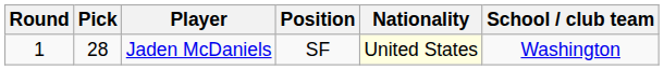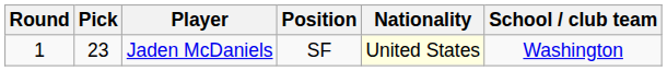 <table class="wikitable sortable sortable">
 <tr>
 <th>Round</th>
 <th>Pick</th>
 <th>Player</th>
 <th>Position</th>
 <th>Nationality</th>
 <th>School / club team</th>
 </tr>
 <tr style="text-align: center">
 <td>1</td>
-<td>28</td>
+<td>23</td>
 <td><a href='#'>Jaden McDaniels</a></td>
 <td>SF</td>
 <td style="background: lightyellow;"> United States</td>
 <td><a href='#'>Washington</a> </td>
 </tr>
 </table>
